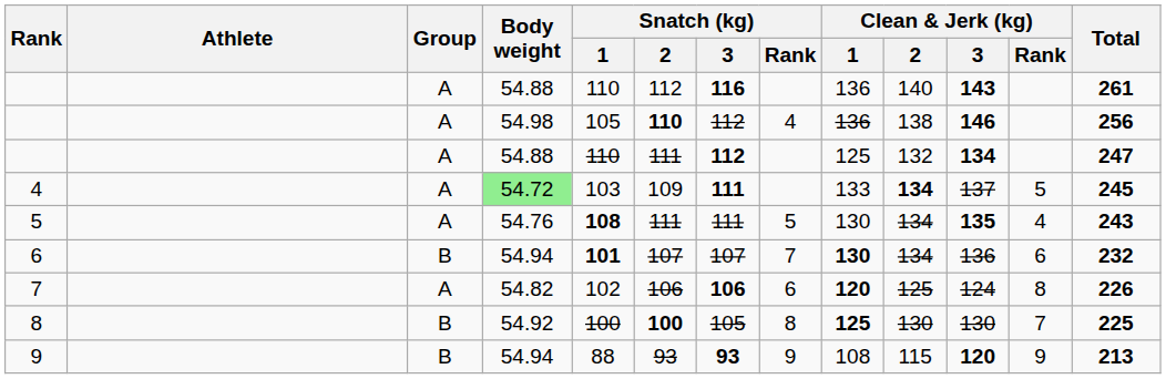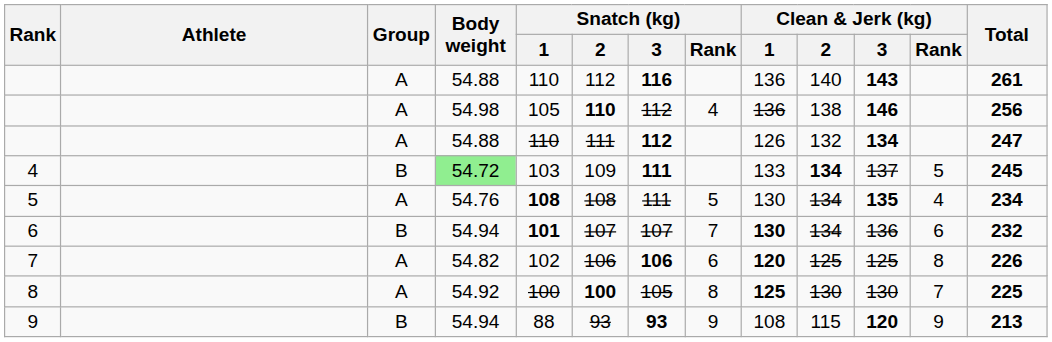 <table class = "wikitable" style="text-align:center;">
 <tr>
 <th rowspan=2 width=40>Rank</th>
 <th rowspan=2 width=250>Athlete</th>
 <th rowspan=2 width=50>Group</th>
 <th rowspan=2 width=60>Body weight</th>
 <th colspan=4>Snatch (kg)</th>
 <th colspan=4>Clean & Jerk (kg)</th>
 <th rowspan=2 width=60>Total</th>
 </tr>
 <tr>
 <th width=40>1</th>
 <th width=40>2</th>
 <th width=40>3</th>
 <th width=40>Rank</th>
 <th width=40>1</th>
 <th width=40>2</th>
 <th width=40>3</th>
 <th width=40>Rank</th>
 </tr>
 <tr>
 <td></td>
 <td align=left></td>
 <td>A</td>
 <td>54.88</td>
 <td>110</td>
 <td>112</td>
 <td><strong>116</strong></td>
 <td></td>
 <td>136</td>
 <td>140</td>
 <td><strong>143</strong></td>
 <td></td>
 <td><strong>261</strong></td>
 </tr>
 <tr>
 <td></td>
 <td align=left></td>
 <td>A</td>
 <td>54.98</td>
 <td>105</td>
 <td><strong>110</strong></td>
 <td><s>112</s></td>
 <td>4</td>
 <td><s>136</s></td>
 <td>138</td>
 <td><strong>146</strong></td>
 <td></td>
 <td><strong>256</strong></td>
 </tr>
 <tr>
 <td></td>
 <td align=left></td>
 <td>A</td>
 <td>54.88</td>
 <td><s>110</s></td>
 <td><s>111</s></td>
 <td><strong>112</strong></td>
 <td></td>
-<td>125</td>
+<td>126</td>
 <td>132</td>
 <td><strong>134</strong></td>
 <td></td>
 <td><strong>247</strong></td>
 </tr>
 <tr>
 <td>4</td>
 <td align=left></td>
-<td>A</td>
+<td>B</td>
 <td style="background: lightgreen;">54.72</td>
 <td>103</td>
 <td>109</td>
 <td><strong>111</strong></td>
 <td></td>
 <td>133</td>
 <td><strong>134</strong></td>
 <td><s>137</s></td>
 <td>5</td>
 <td><strong>245</strong></td>
 </tr>
 <tr>
 <td>5</td>
 <td align=left></td>
 <td>A</td>
 <td>54.76</td>
 <td><strong>108</strong></td>
-<td><s>111</s></td>
+<td><s>108</s></td>
 <td><s>111</s></td>
 <td>5</td>
 <td>130</td>
 <td><s>134</s></td>
 <td><strong>135</strong></td>
 <td>4</td>
-<td><strong>243</strong></td>
+<td><strong>234</strong></td>
 </tr>
 <tr>
 <td>6</td>
 <td align=left></td>
 <td>B</td>
 <td>54.94</td>
 <td><strong>101</strong></td>
 <td><s>107</s></td>
 <td><s>107</s></td>
 <td>7</td>
 <td><strong>130</strong></td>
 <td><s>134</s></td>
 <td><s>136</s></td>
 <td>6</td>
 <td><strong>232</strong></td>
 </tr>
 <tr>
 <td>7</td>
 <td align=left></td>
 <td>A</td>
 <td>54.82</td>
 <td>102</td>
 <td><s>106</s></td>
 <td><strong>106</strong></td>
 <td>6</td>
 <td><strong>120</strong></td>
 <td><s>125</s></td>
-<td><s>124</s></td>
+<td><s>125</s></td>
 <td>8</td>
 <td><strong>226</strong></td>
 </tr>
 <tr>
 <td>8</td>
 <td align=left></td>
-<td>B</td>
+<td>A</td>
 <td>54.92</td>
 <td><s>100</s></td>
 <td><strong>100</strong></td>
 <td><s>105</s></td>
 <td>8</td>
 <td><strong>125</strong></td>
 <td><s>130</s></td>
 <td><s>130</s></td>
 <td>7</td>
 <td><strong>225</strong></td>
 </tr>
 <tr>
 <td>9</td>
 <td align=left></td>
 <td>B</td>
 <td>54.94</td>
 <td>88</td>
 <td><s>93</s></td>
 <td><strong>93</strong></td>
 <td>9</td>
 <td>108</td>
 <td>115</td>
 <td><strong>120</strong></td>
 <td>9</td>
 <td><strong>213</strong></td>
 </tr>
 </table>
